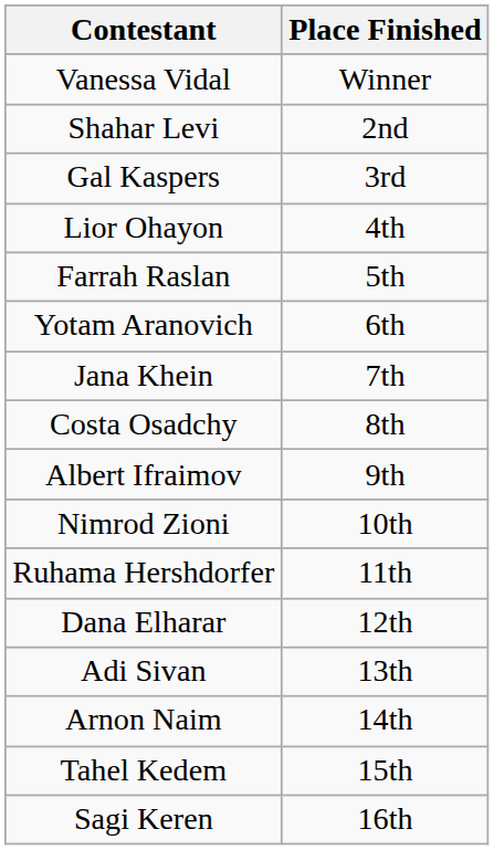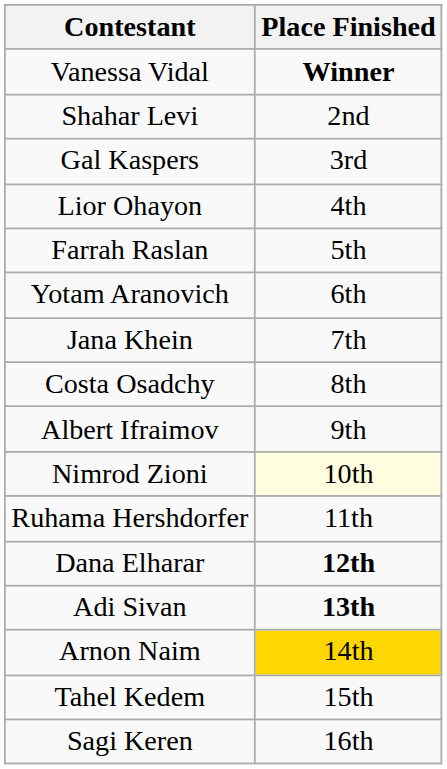 <table class="wikitable" style="text-align:center">
 <tr>
 <th>Contestant</th>
 <th>Place Finished</th>
 </tr>
 <tr>
 <td>Vanessa Vidal</td>
-<td>Winner</td>
+<td><strong>Winner</strong></td>
 </tr>
 <tr>
 <td>Shahar Levi</td>
 <td>2nd</td>
 </tr>
 <tr>
 <td>Gal Kaspers</td>
 <td>3rd</td>
 </tr>
 <tr>
 <td>Lior Ohayon</td>
 <td>4th</td>
 </tr>
 <tr>
 <td>Farrah Raslan</td>
 <td>5th</td>
 </tr>
 <tr>
 <td>Yotam Aranovich</td>
 <td>6th</td>
 </tr>
 <tr>
 <td>Jana Khein</td>
 <td>7th</td>
 </tr>
 <tr>
 <td>Costa Osadchy</td>
 <td>8th</td>
 </tr>
 <tr>
 <td>Albert Ifraimov</td>
 <td>9th</td>
 </tr>
 <tr>
 <td>Nimrod Zioni</td>
-<td>10th</td>
+<td style="background: lightyellow;">10th</td>
 </tr>
 <tr>
 <td>Ruhama Hershdorfer</td>
 <td>11th</td>
 </tr>
 <tr>
 <td>Dana Elharar</td>
-<td>12th</td>
+<td><strong>12th</strong></td>
 </tr>
 <tr>
 <td>Adi Sivan</td>
-<td>13th</td>
+<td><strong>13th</strong></td>
 </tr>
 <tr>
 <td>Arnon Naim</td>
-<td>14th</td>
+<td style="background: gold;">14th</td>
 </tr>
 <tr>
 <td>Tahel Kedem</td>
 <td>15th</td>
 </tr>
 <tr>
 <td>Sagi Keren</td>
 <td>16th</td>
 </tr>
 </table>
